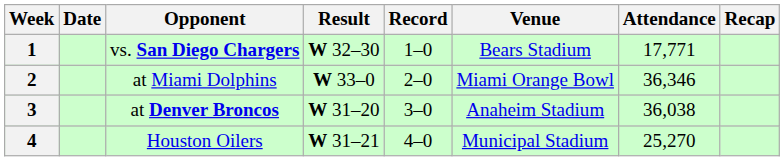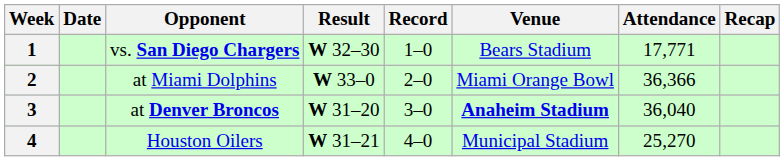 <table class="wikitable" style="text-align:center">
 <tr>
 <th>Week</th>
 <th>Date</th>
 <th>Opponent</th>
 <th>Result</th>
 <th>Record</th>
 <th>Venue</th>
 <th>Attendance</th>
 <th>Recap</th>
 </tr>
 <tr style="background:#cfc">
 <th>1</th>
 <td></td>
 <td>vs. <strong><a href='#'>San Diego Chargers</a></strong></td>
 <td><strong>W</strong> 32–30</td>
 <td>1–0</td>
 <td><a href='#'>Bears Stadium</a></td>
 <td>17,771</td>
 <td></td>
 </tr>
 <tr style="background:#cfc">
 <th>2</th>
 <td></td>
 <td>at <a href='#'>Miami Dolphins</a></td>
 <td><strong>W</strong> 33–0</td>
 <td>2–0</td>
 <td><a href='#'>Miami Orange Bowl</a></td>
-<td>36,346</td>
+<td>36,366</td>
 <td></td>
 </tr>
 <tr style="background:#cfc">
 <th>3</th>
 <td></td>
 <td>at <strong><a href='#'>Denver Broncos</a></strong></td>
 <td><strong>W</strong> 31–20</td>
 <td>3–0</td>
-<td><a href='#'>Anaheim Stadium</a> </td>
-<td>36,038</td>
+<td><strong><a href='#'>Anaheim Stadium</a> </strong></td>
+<td>36,040</td>
 <td></td>
 </tr>
 <tr style="background:#cfc">
 <th>4</th>
 <td></td>
 <td><a href='#'>Houston Oilers</a></td>
 <td><strong>W</strong> 31–21</td>
 <td>4–0</td>
 <td><a href='#'>Municipal Stadium</a></td>
 <td>25,270</td>
 <td></td>
 </tr>
 </table>
